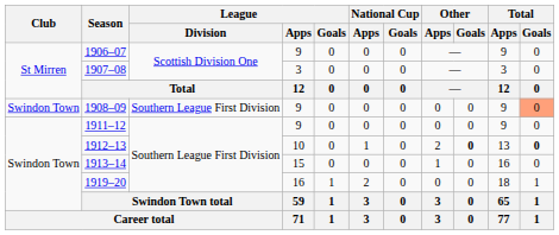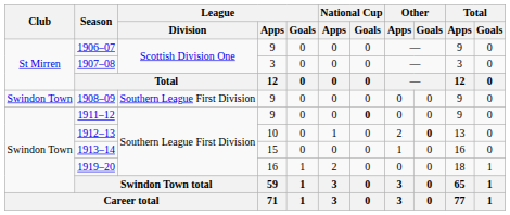 <table class="wikitable" style="text-align: center">
 <tr>
 <th rowspan="2">Club</th>
 <th rowspan="2">Season</th>
 <th colspan="3">League</th>
 <th colspan="2">National Cup</th>
 <th colspan="2">Other</th>
 <th colspan="2">Total</th>
 </tr>
 <tr>
 <th>Division</th>
 <th>Apps</th>
 <th>Goals</th>
 <th>Apps</th>
 <th>Goals</th>
 <th>Apps</th>
 <th>Goals</th>
 <th>Apps</th>
 <th>Goals</th>
 </tr>
 <tr>
 <td rowspan="3"><a href='#'>St Mirren</a></td>
 <td><a href='#'>1906–07</a></td>
 <td rowspan="2"><a href='#'>Scottish Division One</a></td>
 <td>9</td>
 <td>0</td>
 <td>0</td>
 <td>0</td>
 <td colspan="2">—</td>
 <td>9</td>
 <td>0</td>
 </tr>
 <tr>
 <td><a href='#'>1907–08</a></td>
 <td>3</td>
 <td>0</td>
 <td>0</td>
 <td>0</td>
 <td colspan="2">—</td>
 <td>3</td>
 <td>0</td>
 </tr>
 <tr>
 <th colspan="2">Total</th>
 <th>12</th>
 <th>0</th>
 <th>0</th>
 <th>0</th>
 <th colspan="2">—</th>
 <th>12</th>
 <th>0</th>
 </tr>
 <tr>
 <td><a href='#'>Swindon Town</a></td>
 <td><a href='#'>1908–09</a></td>
 <td><a href='#'>Southern League</a> First Division</td>
 <td>9</td>
 <td>0</td>
 <td>0</td>
 <td>0</td>
 <td>0</td>
 <td>0</td>
 <td>9</td>
-<td style="background: lightsalmon;">0</td>
+<td>0</td>
 </tr>
 <tr>
 <td rowspan="5">Swindon Town</td>
 <td><a href='#'>1911–12</a></td>
 <td rowspan="4">Southern League First Division</td>
 <td>9</td>
 <td>0</td>
 <td>0</td>
-<td>0</td>
+<td><strong>0</strong></td>
 <td>0</td>
 <td>0</td>
 <td>9</td>
 <td>0</td>
 </tr>
 <tr>
 <td><a href='#'>1912–13</a></td>
 <td>10</td>
 <td>0</td>
 <td>1</td>
 <td>0</td>
 <td>2</td>
 <td><strong>0</strong></td>
 <td>13</td>
-<td><strong>0</strong></td>
+<td>0</td>
 </tr>
 <tr>
 <td><a href='#'>1913–14</a></td>
 <td>15</td>
 <td>0</td>
 <td>0</td>
 <td>0</td>
 <td>1</td>
 <td>0</td>
 <td>16</td>
 <td>0</td>
 </tr>
 <tr>
 <td><a href='#'>1919–20</a></td>
 <td>16</td>
 <td>1</td>
 <td>2</td>
 <td>0</td>
 <td>0</td>
 <td>0</td>
 <td>18</td>
 <td>1</td>
 </tr>
 <tr>
 <th colspan="2">Swindon Town total</th>
 <th>59</th>
 <th>1</th>
 <th>3</th>
 <th>0</th>
 <th>3</th>
 <th>0</th>
 <th>65</th>
 <th>1</th>
 </tr>
 <tr>
 <th colspan="3">Career total</th>
 <th>71</th>
 <th>1</th>
 <th>3</th>
 <th>0</th>
 <th>3</th>
 <th>0</th>
 <th>77</th>
 <th>1</th>
 </tr>
 </table>
